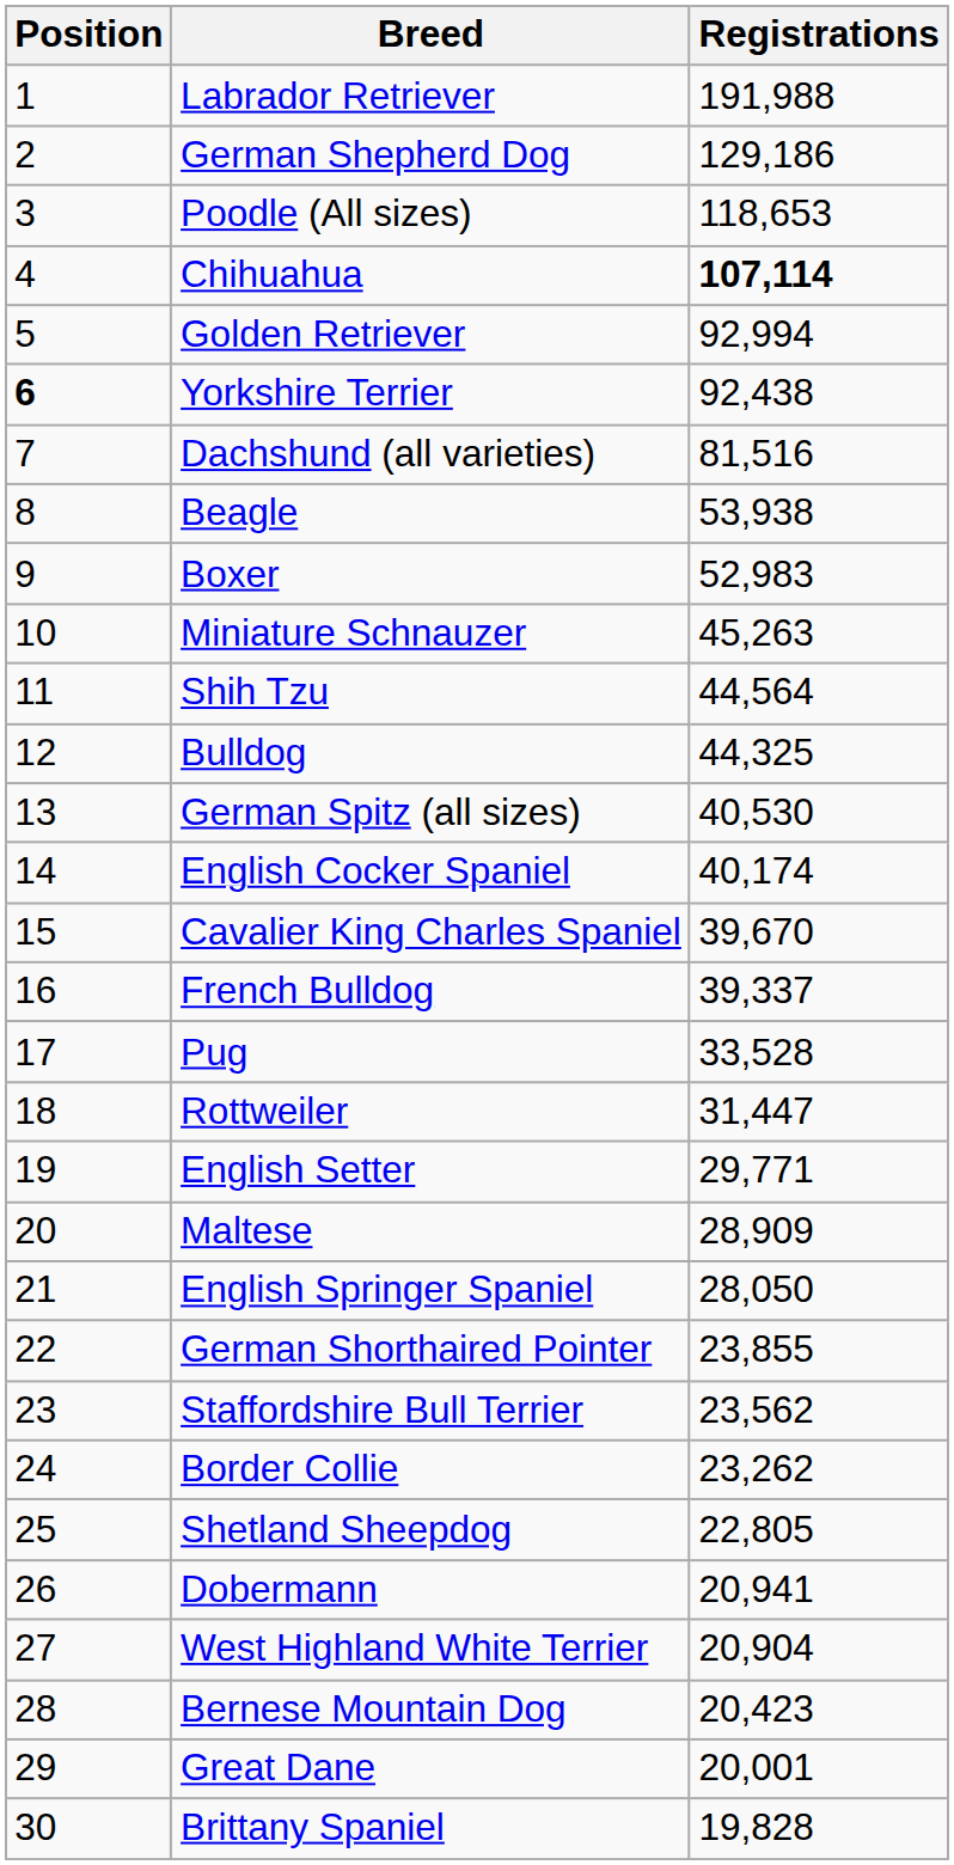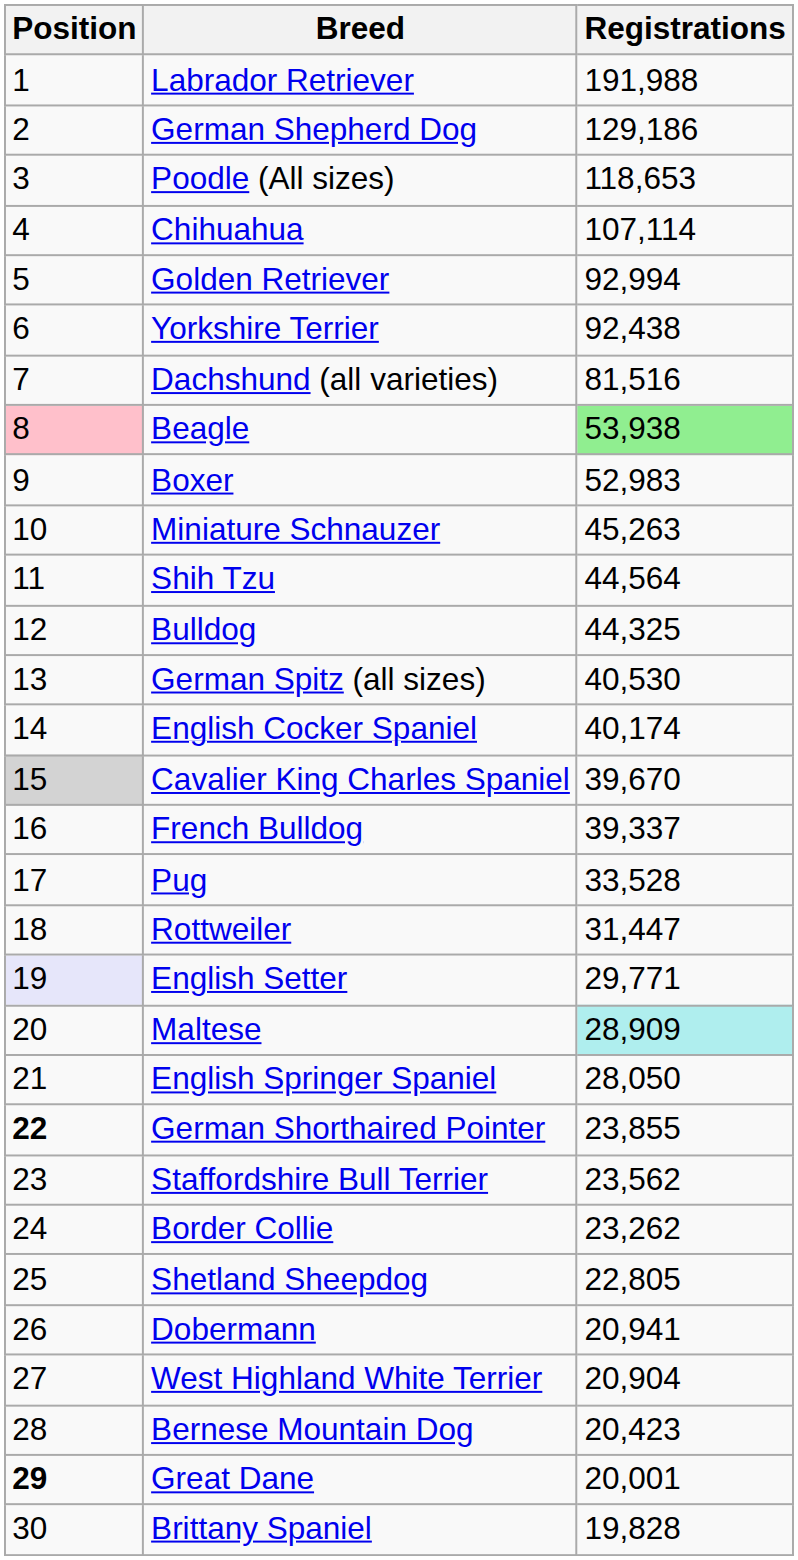 <table class="wikitable sortable">
 <tr>
 <th>Position</th>
 <th>Breed</th>
 <th>Registrations</th>
 </tr>
 <tr>
 <td>1</td>
 <td><a href='#'>Labrador Retriever</a></td>
 <td>191,988</td>
 </tr>
 <tr>
 <td>2</td>
 <td><a href='#'>German Shepherd Dog</a></td>
 <td>129,186</td>
 </tr>
 <tr>
 <td>3</td>
 <td><a href='#'>Poodle</a> (All sizes)</td>
 <td>118,653</td>
 </tr>
 <tr>
 <td>4</td>
 <td><a href='#'>Chihuahua</a></td>
-<td><strong>107,114</strong></td>
+<td>107,114</td>
 </tr>
 <tr>
 <td>5</td>
 <td><a href='#'>Golden Retriever</a></td>
 <td>92,994</td>
 </tr>
 <tr>
-<td><strong>6</strong></td>
+<td>6</td>
 <td><a href='#'>Yorkshire Terrier</a></td>
 <td>92,438</td>
 </tr>
 <tr>
 <td>7</td>
 <td><a href='#'>Dachshund</a> (all varieties)</td>
 <td>81,516</td>
 </tr>
 <tr>
-<td>8</td>
+<td style="background: pink;">8</td>
 <td><a href='#'>Beagle</a></td>
-<td>53,938</td>
+<td style="background: lightgreen;">53,938</td>
 </tr>
 <tr>
 <td>9</td>
 <td><a href='#'>Boxer</a></td>
 <td>52,983</td>
 </tr>
 <tr>
 <td>10</td>
 <td><a href='#'>Miniature Schnauzer</a></td>
 <td>45,263</td>
 </tr>
 <tr>
 <td>11</td>
 <td><a href='#'>Shih Tzu</a></td>
 <td>44,564</td>
 </tr>
 <tr>
 <td>12</td>
 <td><a href='#'>Bulldog</a></td>
 <td>44,325</td>
 </tr>
 <tr>
 <td>13</td>
 <td><a href='#'>German Spitz</a> (all sizes)</td>
 <td>40,530</td>
 </tr>
 <tr>
 <td>14</td>
 <td><a href='#'>English Cocker Spaniel</a></td>
 <td>40,174</td>
 </tr>
 <tr>
-<td>15</td>
+<td style="background: lightgrey;">15</td>
 <td><a href='#'>Cavalier King Charles Spaniel</a></td>
 <td>39,670</td>
 </tr>
 <tr>
 <td>16</td>
 <td><a href='#'>French Bulldog</a></td>
 <td>39,337</td>
 </tr>
 <tr>
 <td>17</td>
 <td><a href='#'>Pug</a></td>
 <td>33,528</td>
 </tr>
 <tr>
 <td>18</td>
 <td><a href='#'>Rottweiler</a></td>
 <td>31,447</td>
 </tr>
 <tr>
-<td>19</td>
+<td style="background: lavender;">19</td>
 <td><a href='#'>English Setter</a></td>
 <td>29,771</td>
 </tr>
 <tr>
 <td>20</td>
 <td><a href='#'>Maltese</a></td>
-<td>28,909</td>
+<td style="background: paleturquoise;">28,909</td>
 </tr>
 <tr>
 <td>21</td>
 <td><a href='#'>English Springer Spaniel</a></td>
 <td>28,050</td>
 </tr>
 <tr>
-<td>22</td>
+<td><strong>22</strong></td>
 <td><a href='#'>German Shorthaired Pointer</a></td>
 <td>23,855</td>
 </tr>
 <tr>
 <td>23</td>
 <td><a href='#'>Staffordshire Bull Terrier</a></td>
 <td>23,562</td>
 </tr>
 <tr>
 <td>24</td>
 <td><a href='#'>Border Collie</a></td>
 <td>23,262</td>
 </tr>
 <tr>
 <td>25</td>
 <td><a href='#'>Shetland Sheepdog</a></td>
 <td>22,805</td>
 </tr>
 <tr>
 <td>26</td>
 <td><a href='#'>Dobermann</a></td>
 <td>20,941</td>
 </tr>
 <tr>
 <td>27</td>
 <td><a href='#'>West Highland White Terrier</a></td>
 <td>20,904</td>
 </tr>
 <tr>
 <td>28</td>
 <td><a href='#'>Bernese Mountain Dog</a></td>
 <td>20,423</td>
 </tr>
 <tr>
-<td>29</td>
+<td><strong>29</strong></td>
 <td><a href='#'>Great Dane</a></td>
 <td>20,001</td>
 </tr>
 <tr>
 <td>30</td>
 <td><a href='#'>Brittany Spaniel</a></td>
 <td>19,828</td>
 </tr>
 <tr>
 </tr>
 </table>
